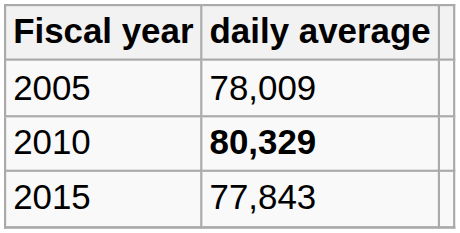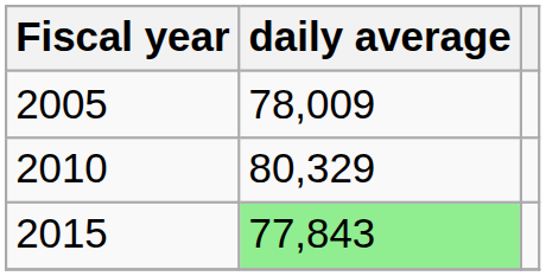 <table class="wikitable">
 <tr>
 <th>Fiscal year</th>
 <th>daily average</th>
 <th></th>
 </tr>
 <tr>
 <td>2005</td>
 <td>78,009</td>
 <td></td>
 </tr>
 <tr>
 <td>2010</td>
-<td><strong>80,329</strong></td>
+<td>80,329</td>
 <td></td>
 </tr>
 <tr>
 <td>2015</td>
-<td>77,843</td>
+<td style="background: lightgreen;">77,843</td>
 <td></td>
 </tr>
 <tr>
 </tr>
 </table>
